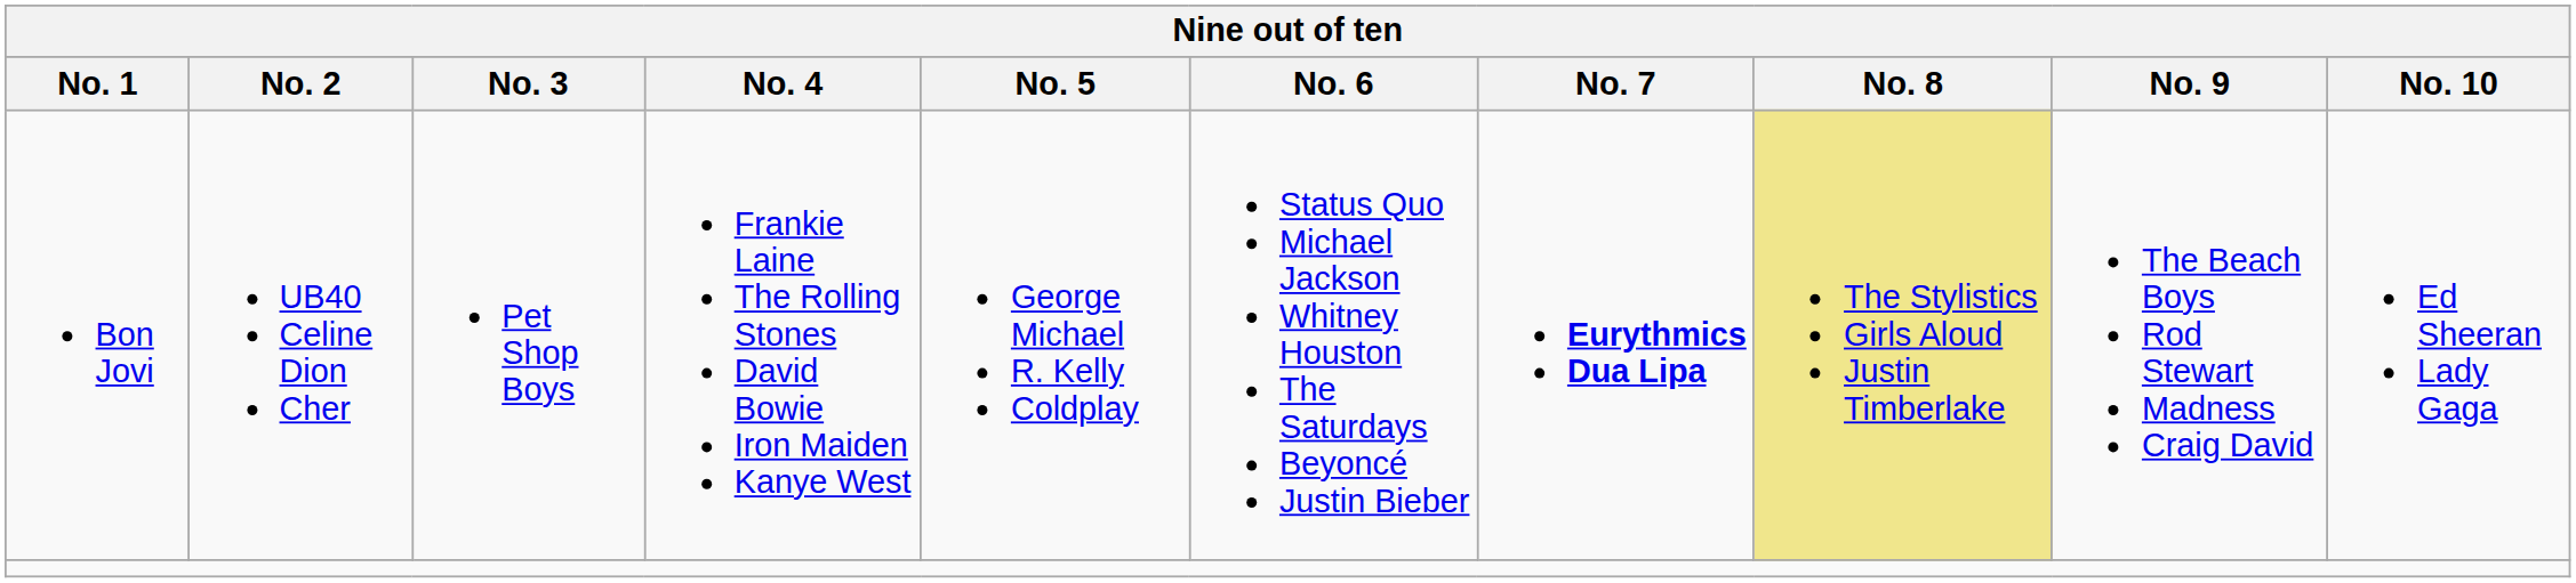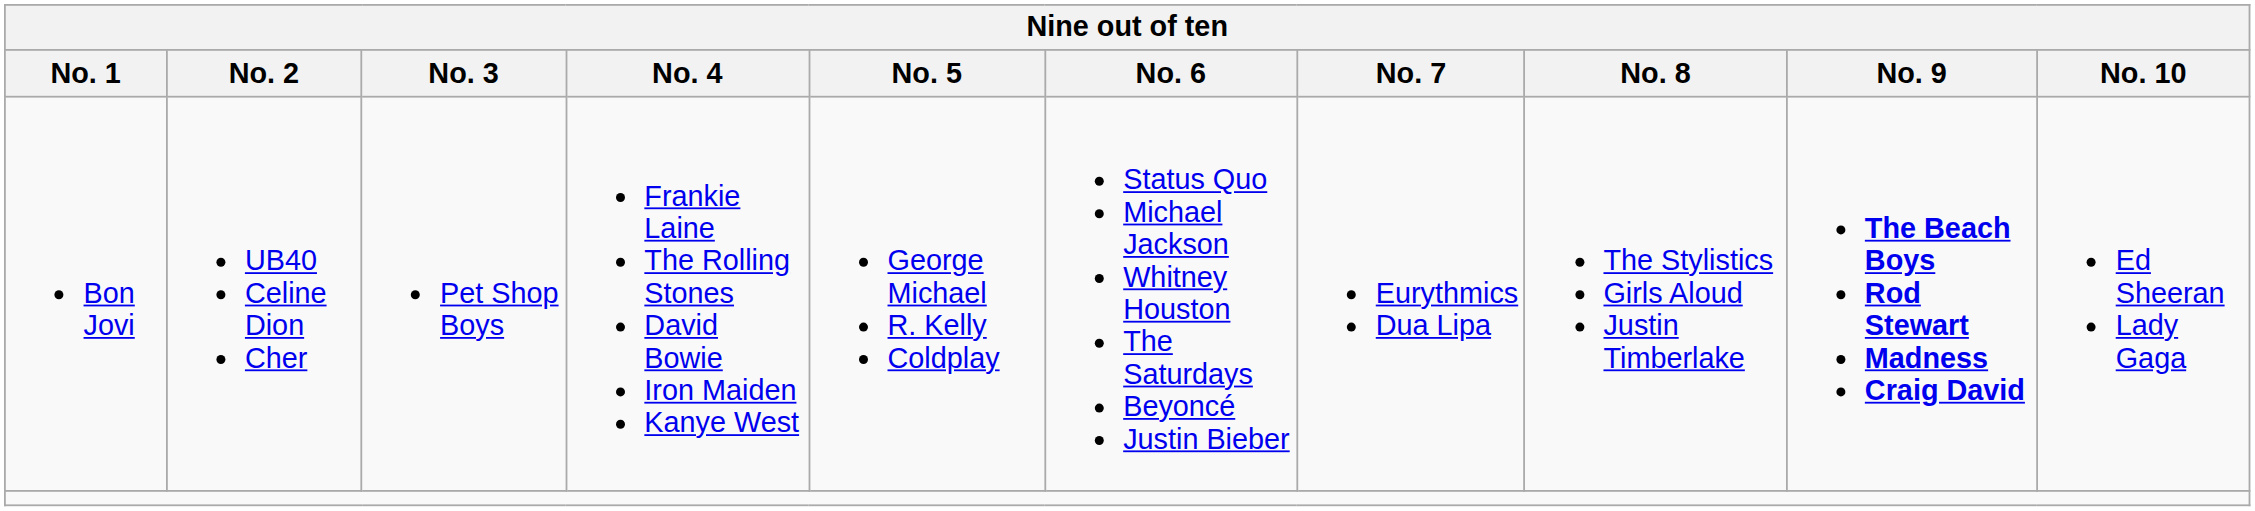 <table class="wikitable" |>
 <tr>
 <th colspan="10">Nine out of ten</th>
 </tr>
 <tr>
 <th>No. 1</th>
 <th>No. 2</th>
 <th>No. 3</th>
 <th>No. 4</th>
 <th>No. 5</th>
 <th>No. 6</th>
 <th>No. 7</th>
 <th>No. 8</th>
 <th>No. 9</th>
 <th>No. 10</th>
 </tr>
 <tr>
 <td><br><ul><li><a href='#'>Bon Jovi</a></li></ul></td>
 <td><br><ul><li><a href='#'>UB40</a></li><li><a href='#'>Celine Dion</a></li><li><a href='#'>Cher</a></li></ul></td>
 <td><br><ul><li><a href='#'>Pet Shop Boys</a></li></ul></td>
 <td><br><ul><li><a href='#'>Frankie Laine</a></li><li><a href='#'>The Rolling Stones</a></li><li><a href='#'>David Bowie</a></li><li><a href='#'>Iron Maiden</a></li><li><a href='#'>Kanye West</a></li></ul></td>
 <td><br><ul><li><a href='#'>George Michael</a></li><li><a href='#'>R. Kelly</a></li><li><a href='#'>Coldplay</a></li></ul></td>
 <td><br><ul><li><a href='#'>Status Quo</a></li><li><a href='#'>Michael Jackson</a></li><li><a href='#'>Whitney Houston</a></li><li><a href='#'>The Saturdays</a></li><li><a href='#'>Beyoncé</a></li><li><a href='#'>Justin Bieber</a></li></ul></td>
-<td><strong><br><ul><li><a href='#'>Eurythmics</a></li><li><a href='#'>Dua Lipa</a></li></ul></strong></td>
-<td style="background: khaki;"><br><ul><li><a href='#'>The Stylistics</a></li><li><a href='#'>Girls Aloud</a></li><li><a href='#'>Justin Timberlake</a></li></ul></td>
-<td><br><ul><li><a href='#'>The Beach Boys</a></li><li><a href='#'>Rod Stewart</a></li><li><a href='#'>Madness</a></li><li><a href='#'>Craig David</a></li></ul></td>
+<td><br><ul><li><a href='#'>Eurythmics</a></li><li><a href='#'>Dua Lipa</a></li></ul></td>
+<td><br><ul><li><a href='#'>The Stylistics</a></li><li><a href='#'>Girls Aloud</a></li><li><a href='#'>Justin Timberlake</a></li></ul></td>
+<td><strong><br><ul><li><a href='#'>The Beach Boys</a></li><li><a href='#'>Rod Stewart</a></li><li><a href='#'>Madness</a></li><li><a href='#'>Craig David</a></li></ul></strong></td>
 <td><br><ul><li><a href='#'>Ed Sheeran</a></li><li><a href='#'>Lady Gaga</a></li></ul></td>
 </tr>
 <tr>
 <td colspan="11"></td>
 </tr>
 </table>
